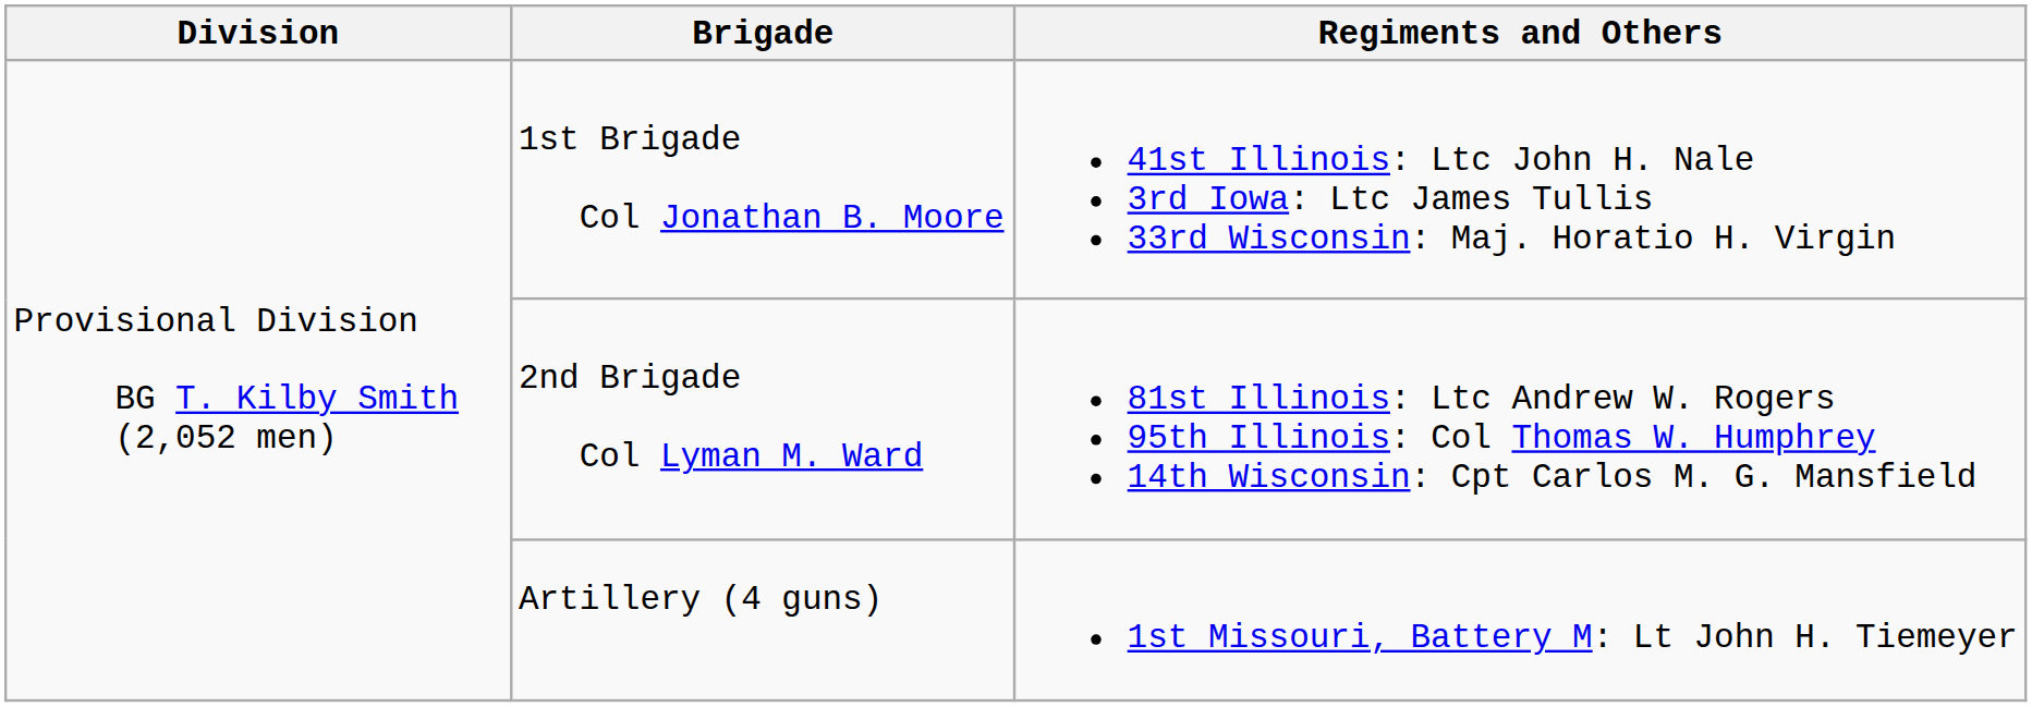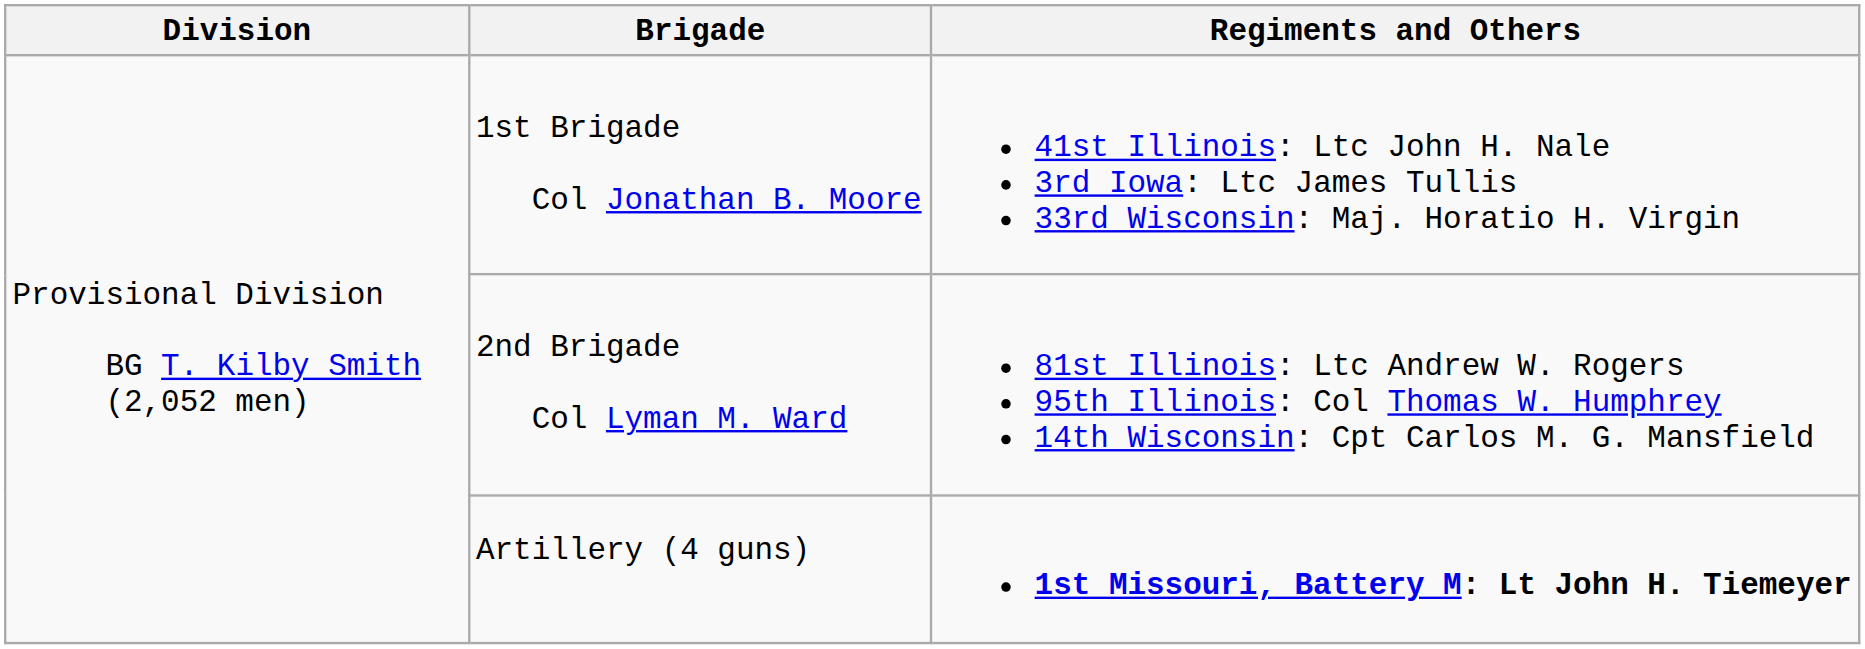 <table class="wikitable">
 <tr>
 <th width="25%">Division</th>
 <th width="25%">Brigade</th>
 <th>Regiments and Others</th>
 </tr>
 <tr>
 <td rowspan="3">Provisional Division<br><br>     BG <a href='#'>T. Kilby Smith</a>  <br>     (2,052 men)</td>
 <td>1st Brigade<br><br>   Col <a href='#'>Jonathan B. Moore</a></td>
 <td><br><ul><li><a href='#'>41st Illinois</a>: Ltc John H. Nale</li><li><a href='#'>3rd Iowa</a>: Ltc James Tullis</li><li><a href='#'>33rd Wisconsin</a>: Maj. Horatio H. Virgin</li></ul></td>
 </tr>
 <tr>
 <td>2nd Brigade<br><br>   Col <a href='#'>Lyman M. Ward</a></td>
 <td><br><ul><li><a href='#'>81st Illinois</a>: Ltc Andrew W. Rogers</li><li><a href='#'>95th Illinois</a>: Col <a href='#'>Thomas W. Humphrey</a></li><li><a href='#'>14th Wisconsin</a>: Cpt Carlos M. G. Mansfield</li></ul></td>
 </tr>
 <tr>
 <td>Artillery (4 guns)<br><br></td>
-<td><br><ul><li><a href='#'>1st Missouri, Battery M</a>: Lt John H. Tiemeyer</li></ul></td>
+<td><strong><br><ul><li><a href='#'>1st Missouri, Battery M</a>: Lt John H. Tiemeyer</li></ul></strong></td>
 </tr>
 </table>
